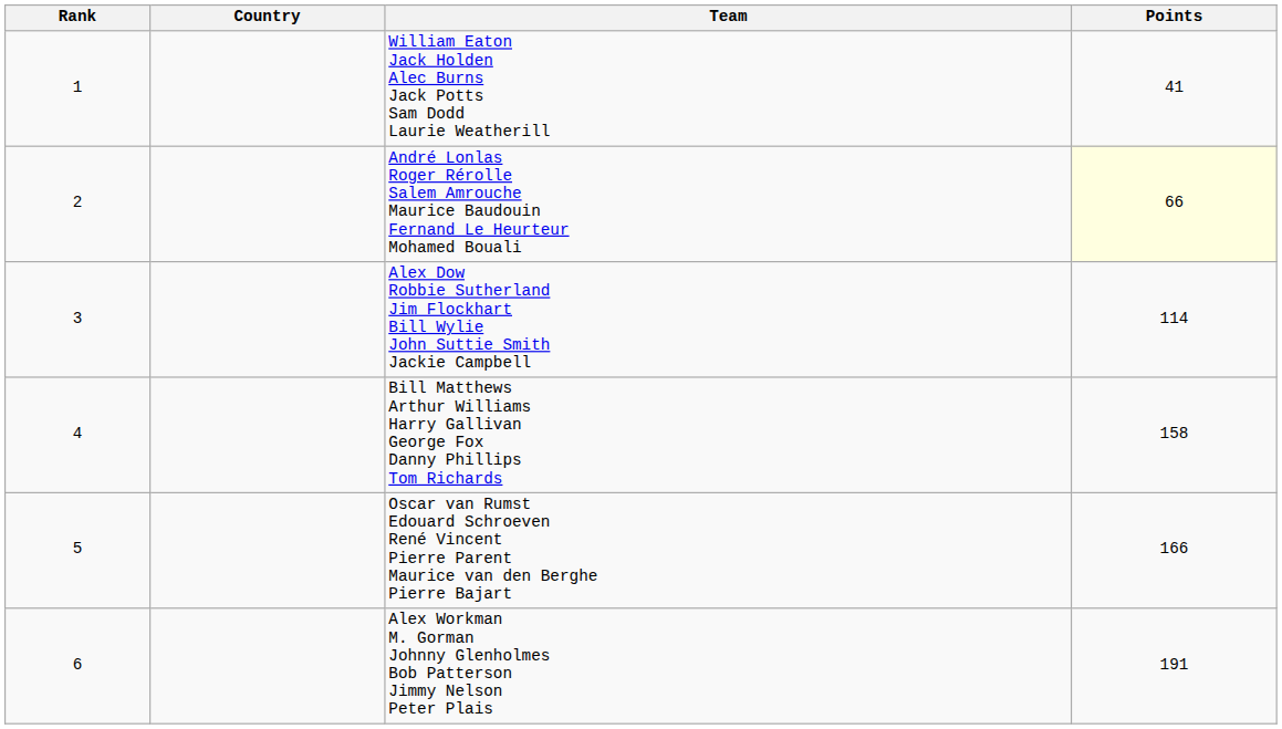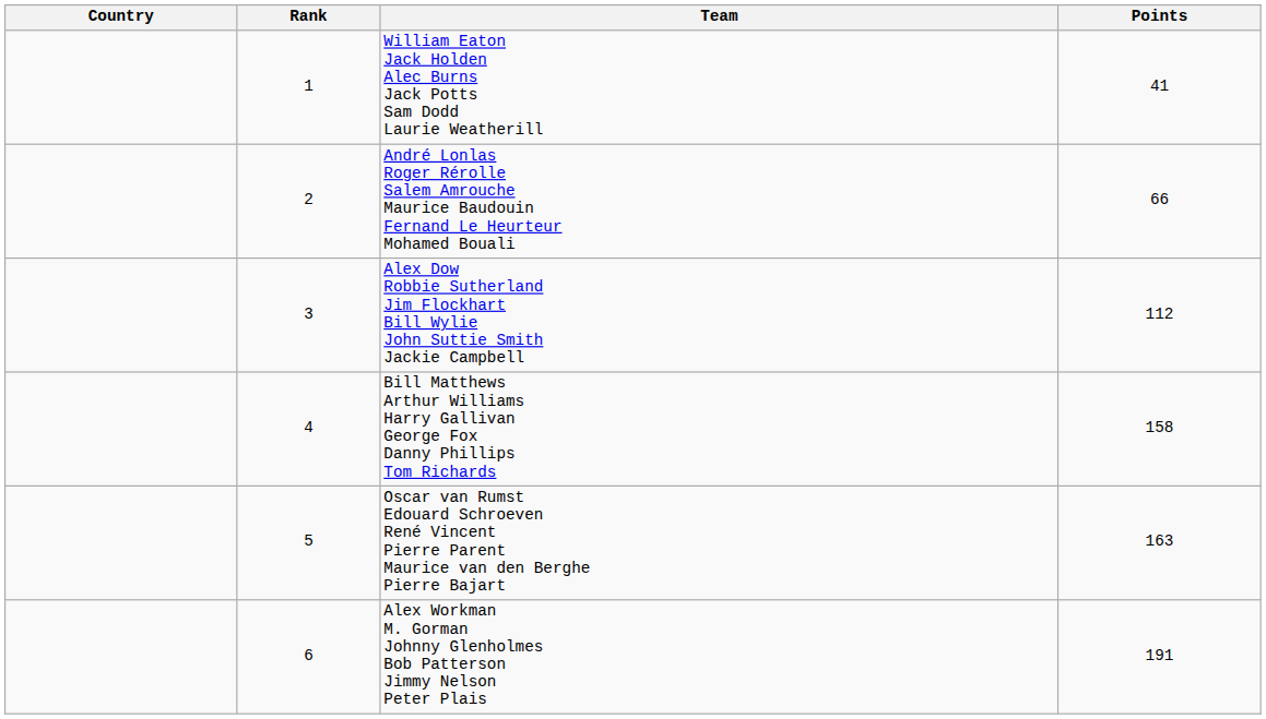 <table class="wikitable sortable" style=" text-align:center; font-size:95%;" width="50%">
 <tr>
+<th>Country</th>
 <th>Rank</th>
-<th>Country</th>
 <th>Team</th>
 <th>Points</th>
 </tr>
 <tr>
+<td align=left></td>
 <td align=center>1</td>
-<td align=left></td>
 <td align=left><a href='#'>William Eaton</a><br><a href='#'>Jack Holden</a><br><a href='#'>Alec Burns</a><br>Jack Potts<br>Sam Dodd<br>Laurie Weatherill</td>
 <td>41</td>
 </tr>
 <tr>
+<td align=left></td>
 <td align=center>2</td>
-<td align=left></td>
 <td align=left><a href='#'>André Lonlas</a><br><a href='#'>Roger Rérolle</a><br><a href='#'>Salem Amrouche</a><br>Maurice Baudouin<br><a href='#'>Fernand Le Heurteur</a><br>Mohamed Bouali</td>
-<td style="background: lightyellow;">66</td>
+<td>66</td>
 </tr>
 <tr>
+<td align=left></td>
 <td align=center>3</td>
-<td align=left></td>
 <td align=left><a href='#'>Alex Dow</a><br><a href='#'>Robbie Sutherland</a><br><a href='#'>Jim Flockhart</a><br><a href='#'>Bill Wylie</a><br><a href='#'>John Suttie Smith</a><br>Jackie Campbell</td>
-<td>114</td>
+<td>112</td>
 </tr>
 <tr>
+<td align=left></td>
 <td align=center>4</td>
-<td align=left></td>
 <td align=left>Bill Matthews<br>Arthur Williams<br>Harry Gallivan<br>George Fox<br>Danny Phillips<br><a href='#'>Tom Richards</a></td>
 <td>158</td>
 </tr>
 <tr>
+<td align=left></td>
 <td align=center>5</td>
-<td align=left></td>
 <td align=left>Oscar van Rumst<br>Edouard Schroeven<br>René Vincent<br>Pierre Parent<br>Maurice van den Berghe<br>Pierre Bajart</td>
-<td>166</td>
+<td>163</td>
 </tr>
 <tr>
+<td align=left></td>
 <td align=center>6</td>
-<td align=left></td>
 <td align=left>Alex Workman<br>M. Gorman<br>Johnny Glenholmes<br>Bob Patterson<br>Jimmy Nelson<br>Peter Plais</td>
 <td>191</td>
 </tr>
 </table>
